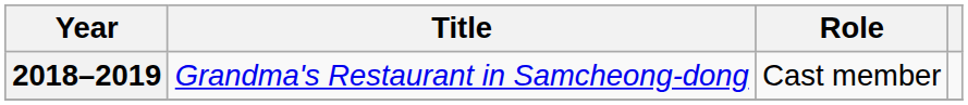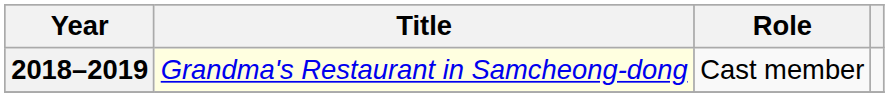 <table class="wikitable  plainrowheaders">
 <tr>
 <th scope="col">Year</th>
 <th scope="col">Title</th>
 <th scope="col">Role</th>
 <th scope="col" class="unsortable"></th>
 </tr>
 <tr>
 <th scope="row">2018–2019</th>
-<td><em><a href='#'>Grandma's Restaurant in Samcheong-dong</a></em></td>
+<td style="background: lightyellow;"><em><a href='#'>Grandma's Restaurant in Samcheong-dong</a></em></td>
 <td>Cast member</td>
 <td></td>
 </tr>
 <tr>
 </tr>
 </table>
